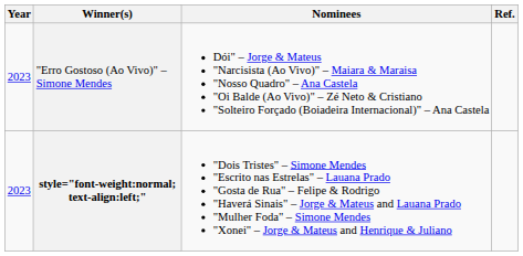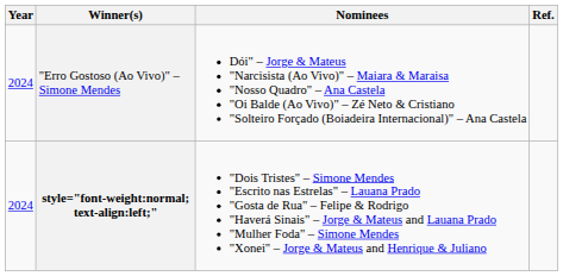 <table class="wikitable sortable">
 <tr>
 <th style="width:5px;">Year</th>
 <th style="width:195px;">Winner(s)</th>
 <th class="unsortable"><strong>Nominees</strong></th>
 <th class="unsortable">Ref.</th>
 </tr>
 <tr>
-<td align="center"><a href='#'>2023</a></td>
+<td align="center"><a href='#'>2024</a></td>
 <th style="font-weight:normal; text-align:left;">"Erro Gostoso (Ao Vivo)" – <a href='#'>Simone Mendes</a></th>
 <td><br><ul><li>Dói" – <a href='#'>Jorge & Mateus</a></li><li>"Narcisista (Ao Vivo)" – <a href='#'>Maiara & Maraisa</a></li><li>"Nosso Quadro" – <a href='#'>Ana Castela</a></li><li>"Oi Balde (Ao Vivo)" – Zé Neto &amp; Cristiano</li><li>"Solteiro Forçado (Boiadeira Internacional)" – Ana Castela</li></ul></td>
 <td></td>
 </tr>
 <tr>
-<td align="center"><a href='#'>2023</a></td>
+<td align="center"><a href='#'>2024</a></td>
 <th>style="font-weight:normal; text-align:left;" </th>
 <td><br><ul><li>"Dois Tristes" – <a href='#'>Simone Mendes</a></li><li>"Escrito nas Estrelas" – <a href='#'>Lauana Prado</a></li><li>"Gosta de Rua" – Felipe & Rodrigo</li><li>"Haverá Sinais" – <a href='#'>Jorge & Mateus</a> and <a href='#'>Lauana Prado</a></li><li>"Mulher Foda" – <a href='#'>Simone Mendes</a></li><li>"Xonei" – <a href='#'>Jorge & Mateus</a> and <a href='#'>Henrique & Juliano</a></li></ul></td>
 <td></td>
 </tr>
 </table>
